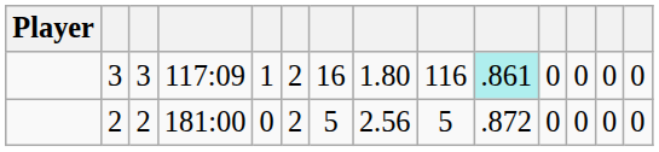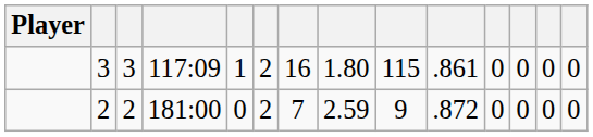 <table class="wikitable sortable" style="text-align:center;">
 <tr>
 <th>Player</th>
 <th></th>
 <th></th>
 <th></th>
 <th></th>
 <th></th>
 <th></th>
 <th></th>
 <th></th>
 <th></th>
 <th></th>
 <th></th>
 <th></th>
 <th></th>
 </tr>
 <tr>
 <td></td>
 <td>3</td>
 <td>3</td>
 <td>117:09</td>
 <td>1</td>
 <td>2</td>
 <td>16</td>
 <td>1.80</td>
-<td>116</td>
-<td style="background: paleturquoise;">.861</td>
+<td>115</td>
+<td>.861</td>
 <td>0</td>
 <td>0</td>
 <td>0</td>
 <td>0</td>
 </tr>
 <tr>
 <td></td>
 <td>2</td>
 <td>2</td>
 <td>181:00</td>
 <td>0</td>
 <td>2</td>
-<td>5</td>
-<td>2.56</td>
-<td>5</td>
+<td>7</td>
+<td>2.59</td>
+<td>9</td>
 <td>.872</td>
 <td>0</td>
 <td>0</td>
 <td>0</td>
 <td>0</td>
 </tr>
 </table>
